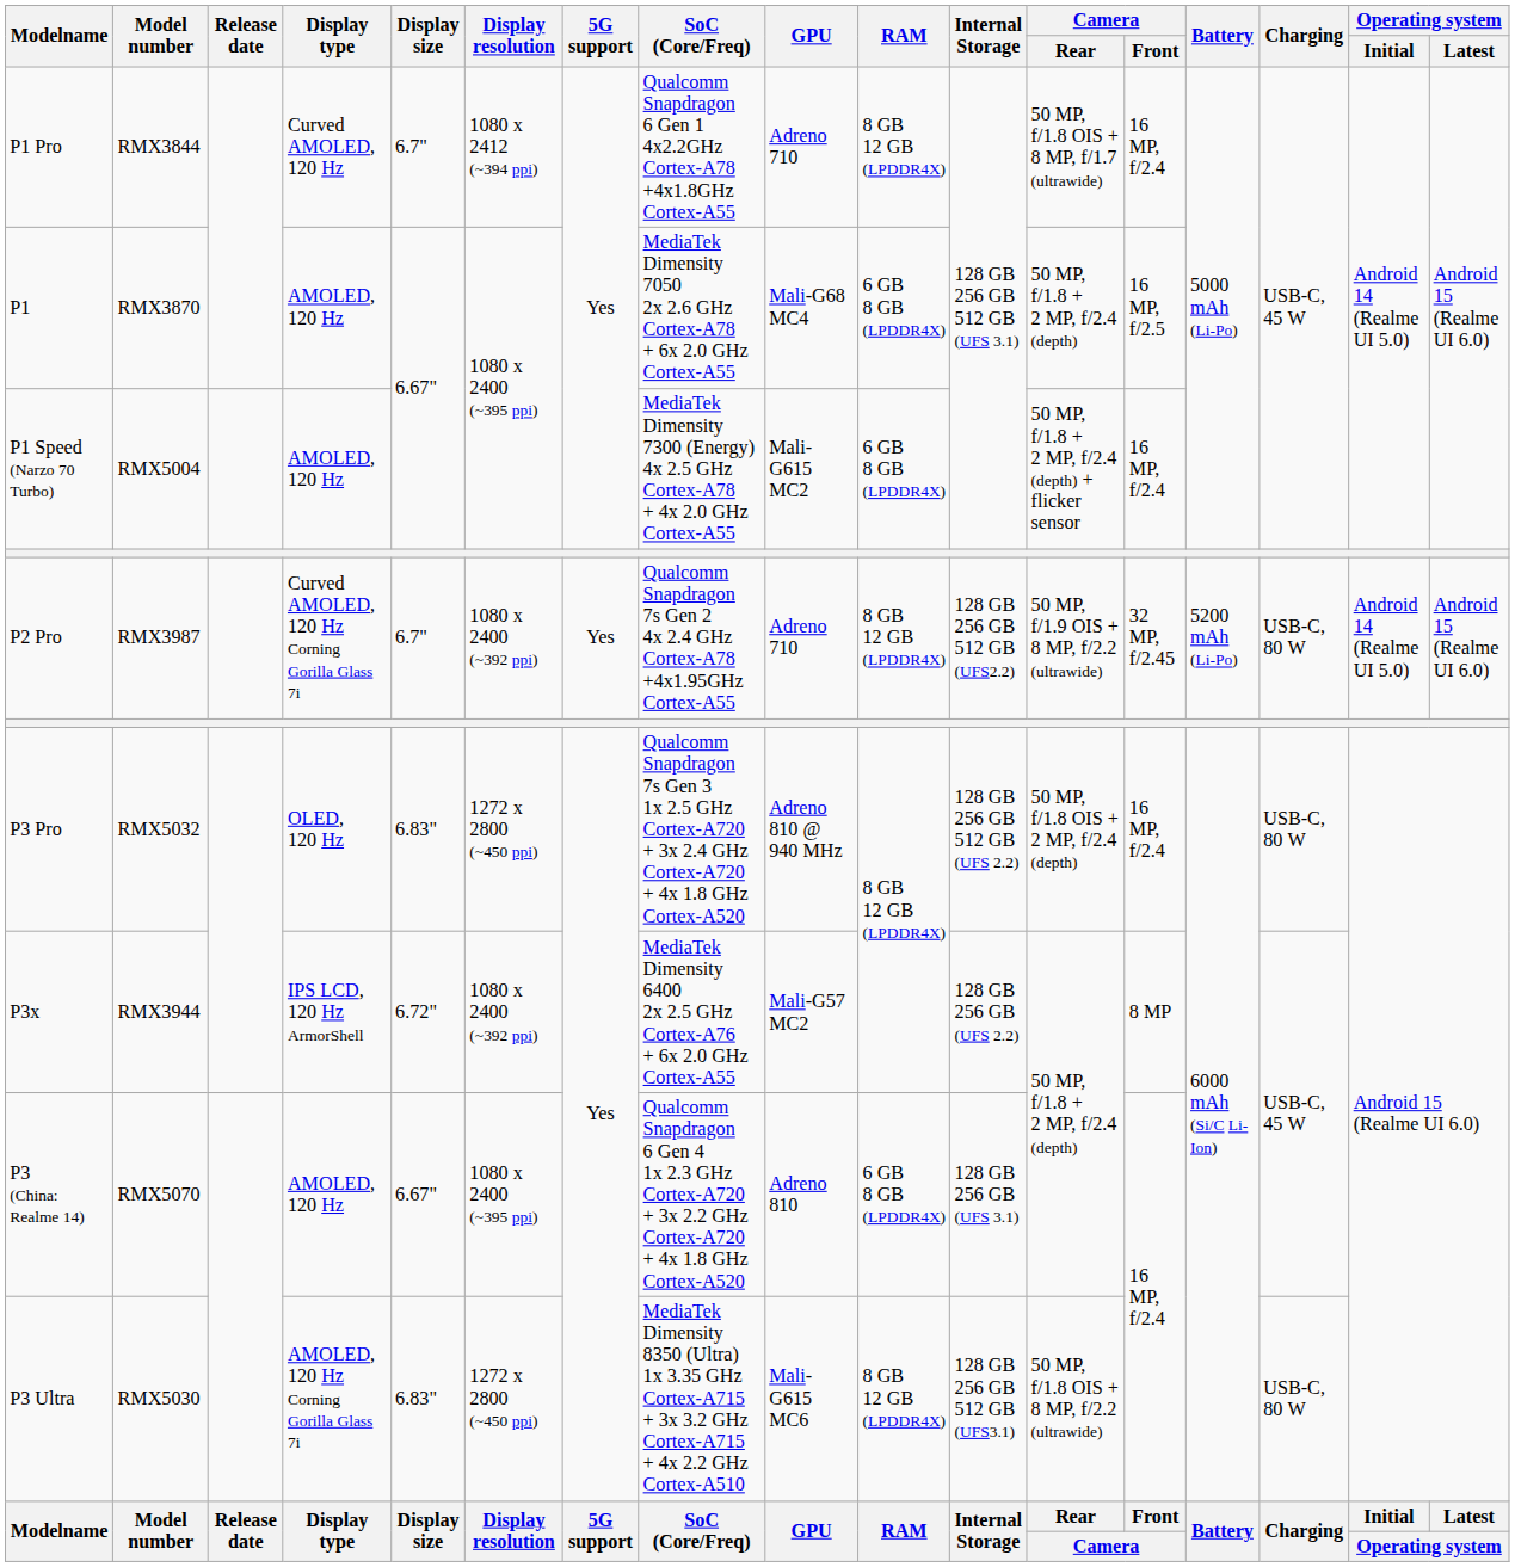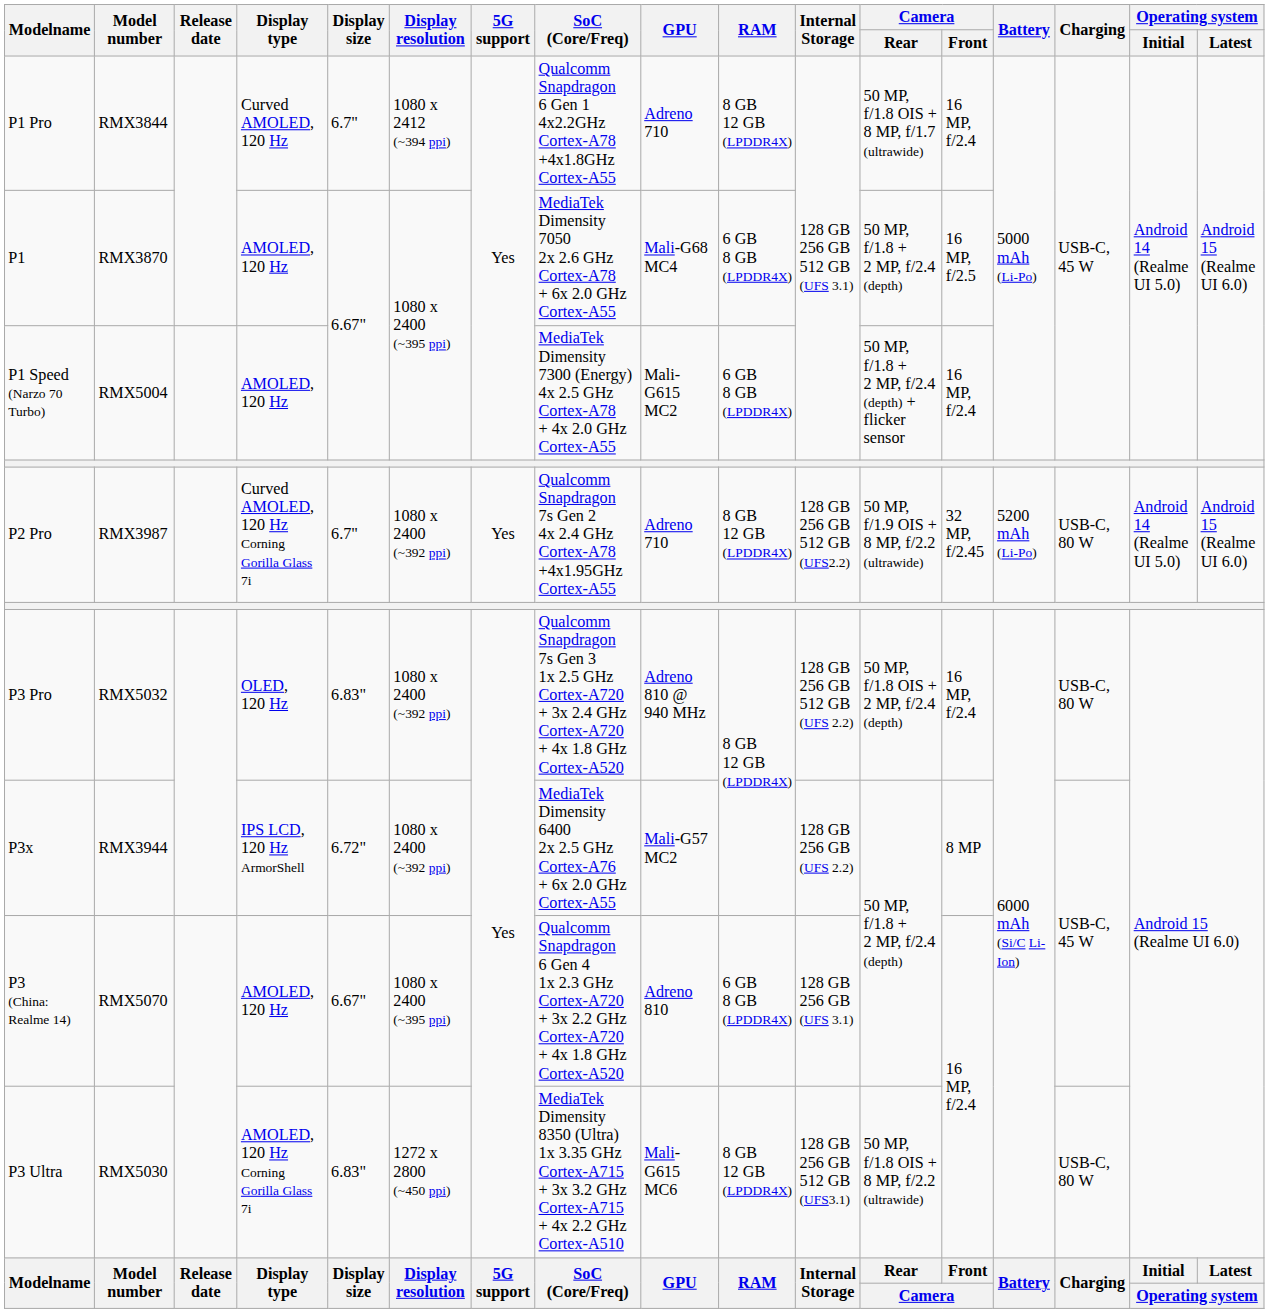 <table class="wikitable sortable mw-collapsible">
 <tr>
 <th rowspan="2">Modelname</th>
 <th rowspan="2">Model number</th>
 <th rowspan="2">Release date </th>
 <th rowspan="2">Display type</th>
 <th rowspan="2">Display size</th>
 <th rowspan="2"><a href='#'>Display resolution</a></th>
 <th rowspan="2"><a href='#'>5G</a> support</th>
 <th rowspan="2"><a href='#'>SoC</a> (Core/Freq)</th>
 <th rowspan="2"><a href='#'>GPU</a></th>
 <th rowspan="2"><a href='#'>RAM</a></th>
 <th rowspan="2">Internal <br>Storage</th>
 <th colspan="2"><a href='#'>Camera</a></th>
 <th rowspan="2"><a href='#'>Battery</a></th>
 <th rowspan="2">Charging</th>
 <th colspan="2"><a href='#'>Operating system</a></th>
 </tr>
 <tr>
 <th>Rear</th>
 <th>Front</th>
 <th>Initial</th>
 <th>Latest</th>
 </tr>
 <tr>
 <td>P1 Pro</td>
 <td>RMX3844</td>
 <td rowspan="2"></td>
 <td>Curved <a href='#'>AMOLED</a>, 120 <a href='#'>Hz</a></td>
 <td>6.7"</td>
 <td>1080 x 2412<br><small>(~394 <a href='#'>ppi</a>)</small></td>
 <td rowspan="3" style="text-align:center;">Yes</td>
 <td><a href='#'>Qualcomm Snapdragon</a> <br>6 Gen 1<br>4x2.2GHz <a href='#'>Cortex-A78</a> <br>+4x1.8GHz <a href='#'>Cortex-A55</a></td>
 <td><a href='#'>Adreno</a> 710</td>
 <td>8 GB<br>12 GB<br><small>(<a href='#'>LPDDR4X</a>)</small></td>
 <td rowspan="3">128 GB<br>256 GB<br>512 GB<br><small>(<a href='#'>UFS</a> 3.1)</small></td>
 <td>50 MP, f/1.8 OIS +<br>8 MP, f/1.7 <small>(ultrawide)</small></td>
 <td>16 MP, f/2.4</td>
 <td rowspan="3">5000 <a href='#'>mAh</a><br><small>(<a href='#'>Li-Po</a>)</small></td>
 <td rowspan="3">USB-C, 45 W</td>
 <td rowspan="3"><a href='#'>Android 14</a><br>(Realme UI 5.0)</td>
 <td rowspan="3"><a href='#'>Android 15</a><br>(Realme UI 6.0)</td>
 </tr>
 <tr>
 <td>P1</td>
 <td>RMX3870</td>
 <td><a href='#'>AMOLED</a>, 120 <a href='#'>Hz</a></td>
 <td rowspan="2">6.67"</td>
 <td rowspan="2">1080 x 2400<br><small>(~395 <a href='#'>ppi</a>)</small></td>
 <td><a href='#'>MediaTek</a> Dimensity 7050<br>2x 2.6 GHz <a href='#'>Cortex-A78</a> <br>+ 6x 2.0 GHz <a href='#'>Cortex-A55</a></td>
 <td><a href='#'>Mali</a>-G68 MC4</td>
 <td>6 GB<br>8 GB<br><small>(<a href='#'>LPDDR4X</a>)</small></td>
 <td>50 MP, f/1.8 +<br>2 MP, f/2.4 <small>(depth)</small></td>
 <td>16 MP, f/2.5</td>
 </tr>
 <tr>
 <td>P1 Speed<br><small>(Narzo 70 Turbo)</small></td>
 <td>RMX5004</td>
 <td></td>
 <td><a href='#'>AMOLED</a>,  120 <a href='#'>Hz</a></td>
 <td><a href='#'>MediaTek</a> Dimensity 7300 (Energy)<br>4x 2.5 GHz <a href='#'>Cortex-A78</a> <br>+ 4x 2.0 GHz <a href='#'>Cortex-A55</a></td>
 <td>Mali-G615 MC2</td>
 <td>6 GB<br>8 GB<br><small>(<a href='#'>LPDDR4X</a>)</small></td>
 <td>50 MP, f/1.8 +<br>2 MP, f/2.4 <small>(depth)</small> + flicker sensor</td>
 <td>16 MP, f/2.4</td>
 </tr>
 <tr>
 <th colspan="17"></th>
 </tr>
 <tr>
 <td>P2 Pro</td>
 <td>RMX3987</td>
 <td></td>
 <td>Curved <a href='#'>AMOLED</a>,  120 <a href='#'>Hz</a><br><small>Corning <a href='#'>Gorilla Glass</a> 7i</small></td>
 <td>6.7"</td>
 <td>1080 x 2400<br><small>(~392 <a href='#'>ppi</a>)</small></td>
 <td style="text-align:center;">Yes</td>
 <td><a href='#'>Qualcomm Snapdragon</a> <br>7s Gen 2<br>4x 2.4 GHz <a href='#'>Cortex-A78</a> <br>+4x1.95GHz <a href='#'>Cortex-A55</a></td>
 <td><a href='#'>Adreno</a> 710</td>
 <td>8 GB<br>12 GB<br><small>(<a href='#'>LPDDR4X</a>)</small></td>
 <td>128 GB<br>256 GB<br>512 GB<br><small>(<a href='#'>UFS</a>2.2)</small></td>
 <td>50 MP, f/1.9 OIS +<br>8 MP, f/2.2 <small>(ultrawide)</small></td>
 <td>32 MP, f/2.45</td>
 <td>5200 <a href='#'>mAh</a><br><small>(<a href='#'>Li-Po</a>)</small></td>
 <td>USB-C, 80 W</td>
 <td><a href='#'>Android 14</a><br>(Realme UI 5.0)</td>
 <td><a href='#'>Android 15</a><br>(Realme UI 6.0)</td>
 </tr>
 <tr>
 <th colspan="17"></th>
 </tr>
 <tr>
 <td>P3 Pro</td>
 <td>RMX5032</td>
 <td rowspan="2"></td>
 <td><a href='#'>OLED</a>, 120 <a href='#'>Hz</a></td>
 <td>6.83"</td>
-<td>1272 x 2800<br><small>(~450 <a href='#'>ppi</a>)</small></td>
+<td>1080 x 2400<br><small>(~392 <a href='#'>ppi</a>)</small></td>
 <td rowspan="4" style="text-align:center;">Yes</td>
 <td><a href='#'>Qualcomm Snapdragon</a> <br>7s Gen 3<br>1x 2.5 GHz <a href='#'>Cortex-A720</a> <br>+ 3x 2.4 GHz <a href='#'>Cortex-A720</a> <br>+ 4x 1.8 GHz <a href='#'>Cortex-A520</a></td>
 <td><a href='#'>Adreno</a> 810 @ 940 MHz</td>
 <td rowspan="2">8 GB<br>12 GB<br><small>(<a href='#'>LPDDR4X</a>)</small></td>
 <td>128 GB<br>256 GB<br>512 GB<br><small>(<a href='#'>UFS</a> 2.2)</small></td>
 <td>50 MP, f/1.8 OIS +<br>2 MP, f/2.4 <small>(depth)</small></td>
 <td>16 MP, f/2.4</td>
 <td rowspan="4">6000 <a href='#'>mAh</a><br><small>(<a href='#'>Si/C</a> <a href='#'>Li-Ion</a>)</small></td>
 <td>USB-C, 80 W</td>
 <td colspan="2" rowspan="4"><a href='#'>Android 15</a><br>(Realme UI 6.0)</td>
 </tr>
 <tr>
 <td>P3x</td>
 <td>RMX3944</td>
 <td><a href='#'>IPS LCD</a>, 120 <a href='#'>Hz</a><br><small>ArmorShell</small></td>
 <td>6.72"</td>
 <td>1080 x 2400<br><small>(~392 <a href='#'>ppi</a>)</small></td>
 <td><a href='#'>MediaTek</a> Dimensity 6400<br>2x 2.5 GHz <a href='#'>Cortex-A76</a> <br>+ 6x 2.0 GHz <a href='#'>Cortex-A55</a></td>
 <td><a href='#'>Mali</a>-G57 MC2</td>
 <td>128 GB<br>256 GB<br><small>(<a href='#'>UFS</a> 2.2)</small></td>
 <td rowspan="2">50 MP, f/1.8 +<br>2 MP, f/2.4 <small>(depth)</small></td>
 <td>8 MP</td>
 <td rowspan="2">USB-C, 45 W</td>
 </tr>
 <tr>
 <td>P3<br><small>(China: <br>Realme 14)</small></td>
 <td>RMX5070</td>
 <td rowspan="2"></td>
 <td><a href='#'>AMOLED</a>,  120 <a href='#'>Hz</a></td>
 <td>6.67"</td>
 <td>1080 x 2400<br><small>(~395 <a href='#'>ppi</a>)</small></td>
 <td><a href='#'>Qualcomm Snapdragon</a> <br>6 Gen 4<br>1x 2.3 GHz <a href='#'>Cortex-A720</a> <br>+ 3x 2.2 GHz <a href='#'>Cortex-A720</a> <br>+ 4x 1.8 GHz <a href='#'>Cortex-A520</a></td>
 <td><a href='#'>Adreno</a> 810</td>
 <td>6 GB<br>8 GB<br><small>(<a href='#'>LPDDR4X</a>)</small></td>
 <td>128 GB<br>256 GB<br><small>(<a href='#'>UFS</a> 3.1)</small></td>
 <td rowspan="2">16 MP, f/2.4</td>
 </tr>
 <tr>
 <td>P3 Ultra</td>
 <td>RMX5030</td>
 <td><a href='#'>AMOLED</a>,  120 <a href='#'>Hz</a><br><small>Corning <a href='#'>Gorilla Glass</a> 7i</small></td>
 <td>6.83"</td>
 <td>1272 x 2800<br><small>(~450 <a href='#'>ppi</a>)</small></td>
 <td><a href='#'>MediaTek</a> Dimensity 8350 (Ultra)<br>1x 3.35 GHz <a href='#'>Cortex-A715</a> <br>+ 3x 3.2 GHz <a href='#'>Cortex-A715</a> <br>+ 4x 2.2 GHz <a href='#'>Cortex-A510</a></td>
 <td><a href='#'>Mali</a>-G615 MC6</td>
 <td>8 GB<br>12 GB<br><small>(<a href='#'>LPDDR4X</a>)</small></td>
 <td>128 GB<br>256 GB<br>512 GB<br><small>(<a href='#'>UFS</a>3.1)</small></td>
 <td>50 MP, f/1.8 OIS +<br>8 MP, f/2.2 <small>(ultrawide)</small></td>
 <td>USB-C, 80 W</td>
 </tr>
 <tr>
 <th rowspan="2">Modelname</th>
 <th rowspan="2">Model number</th>
 <th rowspan="2">Release date</th>
 <th rowspan="2">Display type</th>
 <th rowspan="2">Display size</th>
 <th rowspan="2"><a href='#'>Display resolution</a></th>
 <th rowspan="2"><a href='#'>5G</a> support</th>
 <th rowspan="2"><a href='#'>SoC</a> (Core/Freq)</th>
 <th rowspan="2"><a href='#'>GPU</a></th>
 <th rowspan="2"><a href='#'>RAM</a></th>
 <th rowspan="2">Internal <br>Storage</th>
 <th>Rear</th>
 <th>Front</th>
 <th rowspan="2"><a href='#'>Battery</a></th>
 <th rowspan="2">Charging</th>
 <th>Initial</th>
 <th>Latest</th>
 </tr>
 <tr>
 <th colspan="2"><a href='#'>Camera</a></th>
 <th colspan="2"><a href='#'>Operating system</a></th>
 </tr>
 </table>
